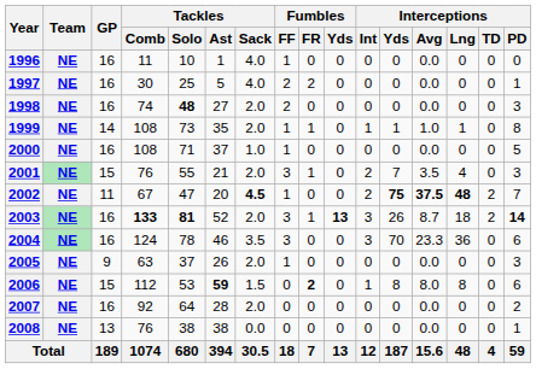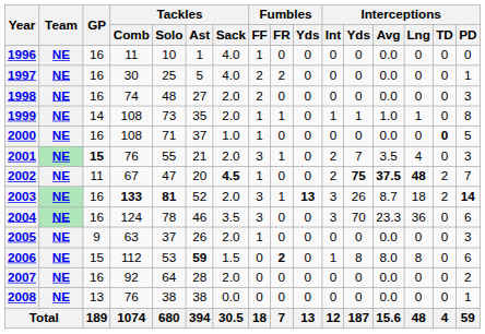 <table class="wikitable" style="text-align: center;">
 <tr>
 <th rowspan="2">Year</th>
 <th rowspan="2">Team</th>
 <th rowspan="2">GP</th>
 <th colspan="4">Tackles</th>
 <th colspan="3">Fumbles</th>
 <th colspan="6">Interceptions</th>
 </tr>
 <tr>
 <th>Comb</th>
 <th>Solo</th>
 <th>Ast</th>
 <th>Sack</th>
 <th>FF</th>
 <th>FR</th>
 <th>Yds</th>
 <th>Int</th>
 <th>Yds</th>
 <th>Avg</th>
 <th>Lng</th>
 <th>TD</th>
 <th>PD</th>
 </tr>
 <tr>
 <th><a href='#'>1996</a></th>
 <th><a href='#'>NE</a></th>
 <td>16</td>
 <td>11</td>
 <td>10</td>
 <td>1</td>
 <td>4.0</td>
 <td>1</td>
 <td>0</td>
 <td>0</td>
 <td>0</td>
 <td>0</td>
 <td>0.0</td>
 <td>0</td>
 <td>0</td>
 <td>0</td>
 </tr>
 <tr>
 <th><a href='#'>1997</a></th>
 <th><a href='#'>NE</a></th>
 <td>16</td>
 <td>30</td>
 <td>25</td>
 <td>5</td>
 <td>4.0</td>
 <td>2</td>
 <td>2</td>
 <td>0</td>
 <td>0</td>
 <td>0</td>
 <td>0.0</td>
 <td>0</td>
 <td>0</td>
 <td>1</td>
 </tr>
 <tr>
 <th><a href='#'>1998</a></th>
 <th><a href='#'>NE</a></th>
 <td>16</td>
 <td>74</td>
-<td><strong>48</strong></td>
+<td>48</td>
 <td>27</td>
 <td>2.0</td>
 <td>2</td>
 <td>0</td>
 <td>0</td>
 <td>0</td>
 <td>0</td>
 <td>0.0</td>
 <td>0</td>
 <td>0</td>
 <td>3</td>
 </tr>
 <tr>
 <th><a href='#'>1999</a></th>
 <th><a href='#'>NE</a></th>
 <td>14</td>
 <td>108</td>
 <td>73</td>
 <td>35</td>
 <td>2.0</td>
 <td>1</td>
 <td>1</td>
 <td>0</td>
 <td>1</td>
 <td>1</td>
 <td>1.0</td>
 <td>1</td>
 <td>0</td>
 <td>8</td>
 </tr>
 <tr>
 <th><a href='#'>2000</a></th>
 <th><a href='#'>NE</a></th>
 <td>16</td>
 <td>108</td>
 <td>71</td>
 <td>37</td>
 <td>1.0</td>
 <td>1</td>
 <td>0</td>
 <td>0</td>
 <td>0</td>
 <td>0</td>
 <td>0.0</td>
 <td>0</td>
-<td>0</td>
+<td><strong>0</strong></td>
 <td>5</td>
 </tr>
 <tr>
 <th><a href='#'>2001</a></th>
 <th style="background:#afe6ba; width:3em;"><a href='#'>NE</a></th>
-<td>15</td>
+<td><strong>15</strong></td>
 <td>76</td>
 <td>55</td>
 <td>21</td>
 <td>2.0</td>
 <td>3</td>
 <td>1</td>
 <td>0</td>
 <td>2</td>
 <td>7</td>
 <td>3.5</td>
 <td>4</td>
 <td>0</td>
 <td>3</td>
 </tr>
 <tr>
 <th><a href='#'>2002</a></th>
 <th><a href='#'>NE</a></th>
 <td>11</td>
 <td>67</td>
 <td>47</td>
 <td>20</td>
 <td><strong>4.5</strong></td>
 <td>1</td>
 <td>0</td>
 <td>0</td>
 <td>2</td>
 <td><strong>75</strong></td>
 <td><strong>37.5</strong></td>
 <td><strong>48</strong></td>
 <td>2</td>
 <td>7</td>
 </tr>
 <tr>
 <th><a href='#'>2003</a></th>
 <th style="background:#afe6ba; width:3em;"><a href='#'>NE</a></th>
 <td>16</td>
 <td><strong>133</strong></td>
 <td><strong>81</strong></td>
 <td>52</td>
 <td>2.0</td>
 <td>3</td>
 <td>1</td>
 <td><strong>13</strong></td>
 <td>3</td>
 <td>26</td>
 <td>8.7</td>
 <td>18</td>
 <td>2</td>
 <td><strong>14</strong></td>
 </tr>
 <tr>
 <th><a href='#'>2004</a></th>
 <th style="background:#afe6ba; width:3em;"><a href='#'>NE</a></th>
 <td>16</td>
 <td>124</td>
 <td>78</td>
 <td>46</td>
 <td>3.5</td>
 <td>3</td>
 <td>0</td>
 <td>0</td>
 <td>3</td>
 <td>70</td>
 <td>23.3</td>
 <td>36</td>
 <td>0</td>
 <td>6</td>
 </tr>
 <tr>
 <th><a href='#'>2005</a></th>
 <th><a href='#'>NE</a></th>
 <td>9</td>
 <td>63</td>
 <td>37</td>
 <td>26</td>
 <td>2.0</td>
 <td>1</td>
 <td>0</td>
 <td>0</td>
 <td>0</td>
 <td>0</td>
 <td>0.0</td>
 <td>0</td>
 <td>0</td>
 <td>3</td>
 </tr>
 <tr>
 <th><a href='#'>2006</a></th>
 <th><a href='#'>NE</a></th>
 <td>15</td>
 <td>112</td>
 <td>53</td>
 <td><strong>59</strong></td>
 <td>1.5</td>
 <td>0</td>
 <td><strong>2</strong></td>
 <td>0</td>
 <td>1</td>
 <td>8</td>
 <td>8.0</td>
 <td>8</td>
 <td>0</td>
 <td>6</td>
 </tr>
 <tr>
 <th><a href='#'>2007</a></th>
 <th><a href='#'>NE</a></th>
 <td>16</td>
 <td>92</td>
 <td>64</td>
 <td>28</td>
 <td>2.0</td>
 <td>0</td>
 <td>0</td>
 <td>0</td>
 <td>0</td>
 <td>0</td>
 <td>0.0</td>
 <td>0</td>
 <td>0</td>
 <td>2</td>
 </tr>
 <tr>
 <th><a href='#'>2008</a></th>
 <th><a href='#'>NE</a></th>
 <td>13</td>
 <td>76</td>
 <td>38</td>
 <td>38</td>
 <td>0.0</td>
 <td>0</td>
 <td>0</td>
 <td>0</td>
 <td>0</td>
 <td>0</td>
 <td>0.0</td>
 <td>0</td>
 <td>0</td>
 <td>1</td>
 </tr>
 <tr>
 <th colspan="2">Total</th>
 <th>189</th>
 <th>1074</th>
 <th>680</th>
 <th>394</th>
 <th>30.5</th>
 <th>18</th>
 <th>7</th>
 <th>13</th>
 <th>12</th>
 <th>187</th>
 <th>15.6</th>
 <th>48</th>
 <th>4</th>
 <th>59</th>
 </tr>
 </table>
